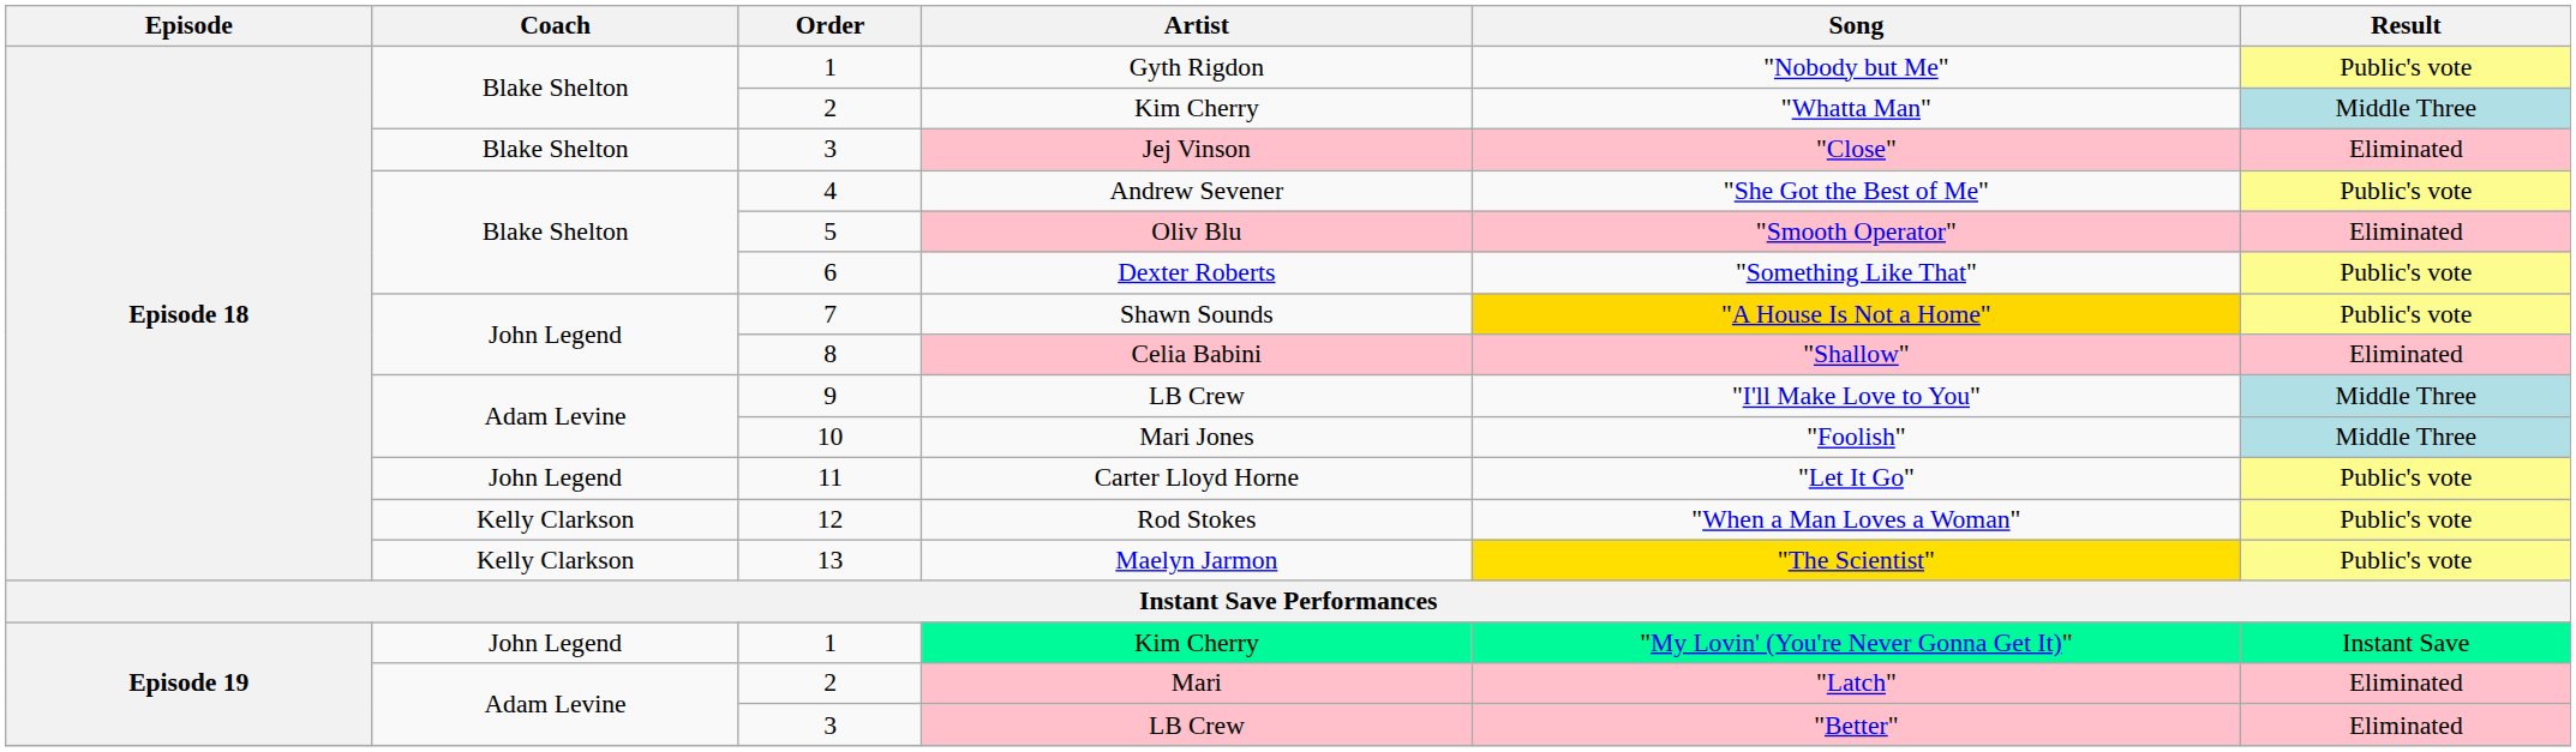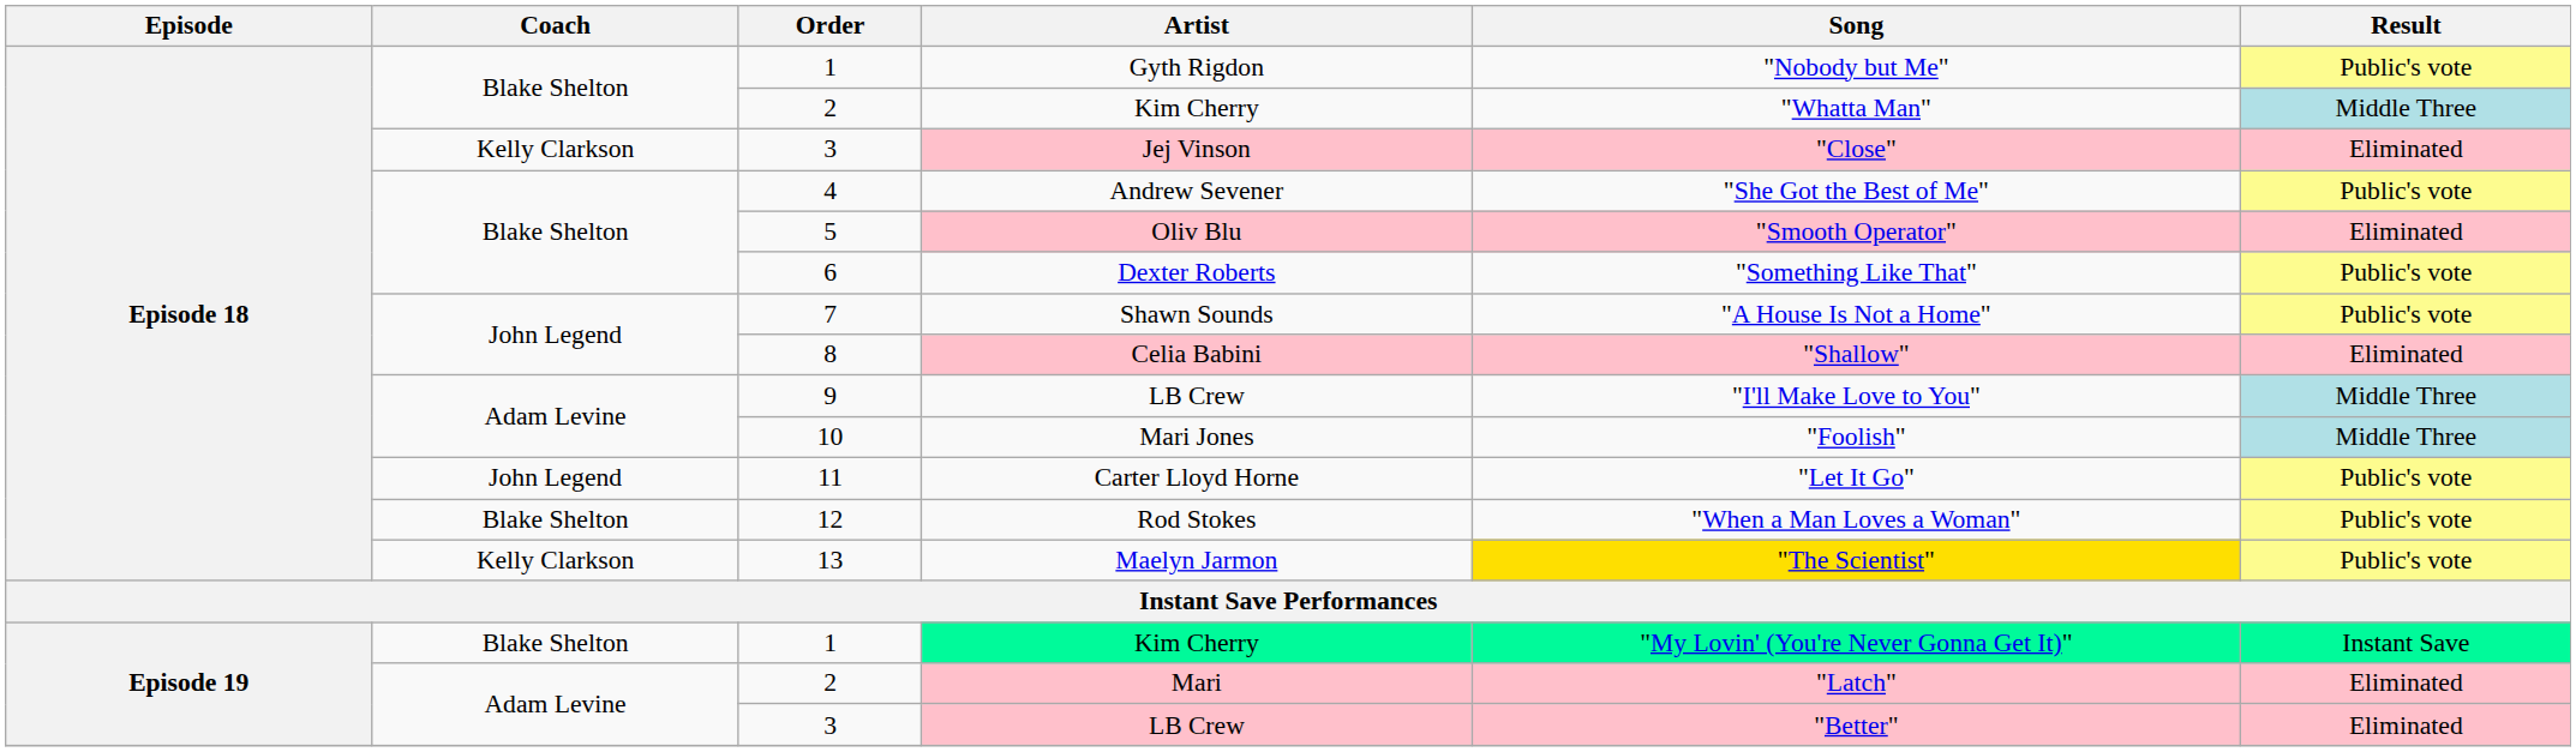 <table class="wikitable" style="text-align:center; width:100%;">
 <tr>
 <th style="width:10%;">Episode</th>
 <th style="width:10%;">Coach</th>
 <th style="width:05%;">Order</th>
 <th style="width:15%;">Artist</th>
 <th style="width:21%;">Song</th>
 <th style="width:9%;">Result</th>
 </tr>
 <tr>
 <th rowspan="13" scope="row">Episode 18<br><small></small></th>
 <td rowspan=2>Blake Shelton</td>
 <td>1</td>
 <td>Gyth Rigdon</td>
 <td>"<a href='#'>Nobody but Me</a>"</td>
 <td style="background:#fdfc8f;">Public's vote</td>
 </tr>
 <tr>
 <td>2</td>
 <td>Kim Cherry</td>
 <td>"<a href='#'>Whatta Man</a>"</td>
 <td style="background:#b0e0e6;">Middle Three</td>
 </tr>
 <tr>
-<td>Blake Shelton</td>
+<td>Kelly Clarkson</td>
 <td>3</td>
 <td style="background:pink;">Jej Vinson</td>
 <td style="background:pink;">"<a href='#'>Close</a>"</td>
 <td style="background:pink;">Eliminated</td>
 </tr>
 <tr>
 <td rowspan=3>Blake Shelton</td>
 <td>4</td>
 <td>Andrew Sevener</td>
 <td>"<a href='#'>She Got the Best of Me</a>"</td>
 <td style="background:#fdfc8f;">Public's vote</td>
 </tr>
 <tr>
 <td>5</td>
 <td style="background:pink;">Oliv Blu</td>
 <td style="background:pink;">"<a href='#'>Smooth Operator</a>"</td>
 <td style="background:pink;">Eliminated</td>
 </tr>
 <tr>
 <td>6</td>
 <td><a href='#'>Dexter Roberts</a></td>
 <td>"<a href='#'>Something Like That</a>"</td>
 <td style="background:#fdfc8f;">Public's vote</td>
 </tr>
 <tr>
 <td rowspan=2>John Legend</td>
 <td>7</td>
 <td>Shawn Sounds</td>
-<td style="background: gold;">"<a href='#'>A House Is Not a Home</a>"</td>
+<td>"<a href='#'>A House Is Not a Home</a>"</td>
 <td style="background:#fdfc8f;">Public's vote</td>
 </tr>
 <tr>
 <td>8</td>
 <td style="background:pink;">Celia Babini</td>
 <td style="background:pink;">"<a href='#'>Shallow</a>"</td>
 <td style="background:pink;">Eliminated</td>
 </tr>
 <tr>
 <td rowspan=2>Adam Levine</td>
 <td>9</td>
 <td>LB Crew</td>
 <td>"<a href='#'>I'll Make Love to You</a>"</td>
 <td style="background:#b0e0e6;">Middle Three</td>
 </tr>
 <tr>
 <td>10</td>
 <td>Mari Jones</td>
 <td>"<a href='#'>Foolish</a>"</td>
 <td style="background:#b0e0e6;">Middle Three</td>
 </tr>
 <tr>
 <td>John Legend</td>
 <td>11</td>
 <td>Carter Lloyd Horne</td>
 <td>"<a href='#'>Let It Go</a>"</td>
 <td style="background:#fdfc8f;">Public's vote</td>
 </tr>
 <tr>
-<td>Kelly Clarkson</td>
+<td>Blake Shelton</td>
 <td>12</td>
 <td>Rod Stokes</td>
 <td>"<a href='#'>When a Man Loves a Woman</a>"</td>
 <td style="background:#fdfc8f;">Public's vote</td>
 </tr>
 <tr>
 <td>Kelly Clarkson</td>
 <td>13</td>
 <td><a href='#'>Maelyn Jarmon</a></td>
 <td style="background:#fedf00;">"<a href='#'>The Scientist</a>"</td>
 <td style="background:#fdfc8f;">Public's vote</td>
 </tr>
 <tr>
 <th colspan="6">Instant Save Performances</th>
 </tr>
 <tr>
 <th rowspan=3>Episode 19<br><small></small></th>
-<td>John Legend</td>
+<td>Blake Shelton</td>
 <td>1</td>
 <td style="background:#00fa9a;">Kim Cherry</td>
 <td style="background:#00fa9a;">"<a href='#'>My Lovin' (You're Never Gonna Get It)</a>"</td>
 <td style="background:#00fa9a;">Instant Save</td>
 </tr>
 <tr>
 <td rowspan=2>Adam Levine</td>
 <td>2</td>
 <td style="background:pink;">Mari</td>
 <td style="background:pink;">"<a href='#'>Latch</a>"</td>
 <td style="background:pink;">Eliminated</td>
 </tr>
 <tr>
 <td>3</td>
 <td style="background:pink;">LB Crew</td>
 <td style="background:pink;">"<a href='#'>Better</a>"</td>
 <td style="background:pink;">Eliminated</td>
 </tr>
 <tr>
 </tr>
 </table>
